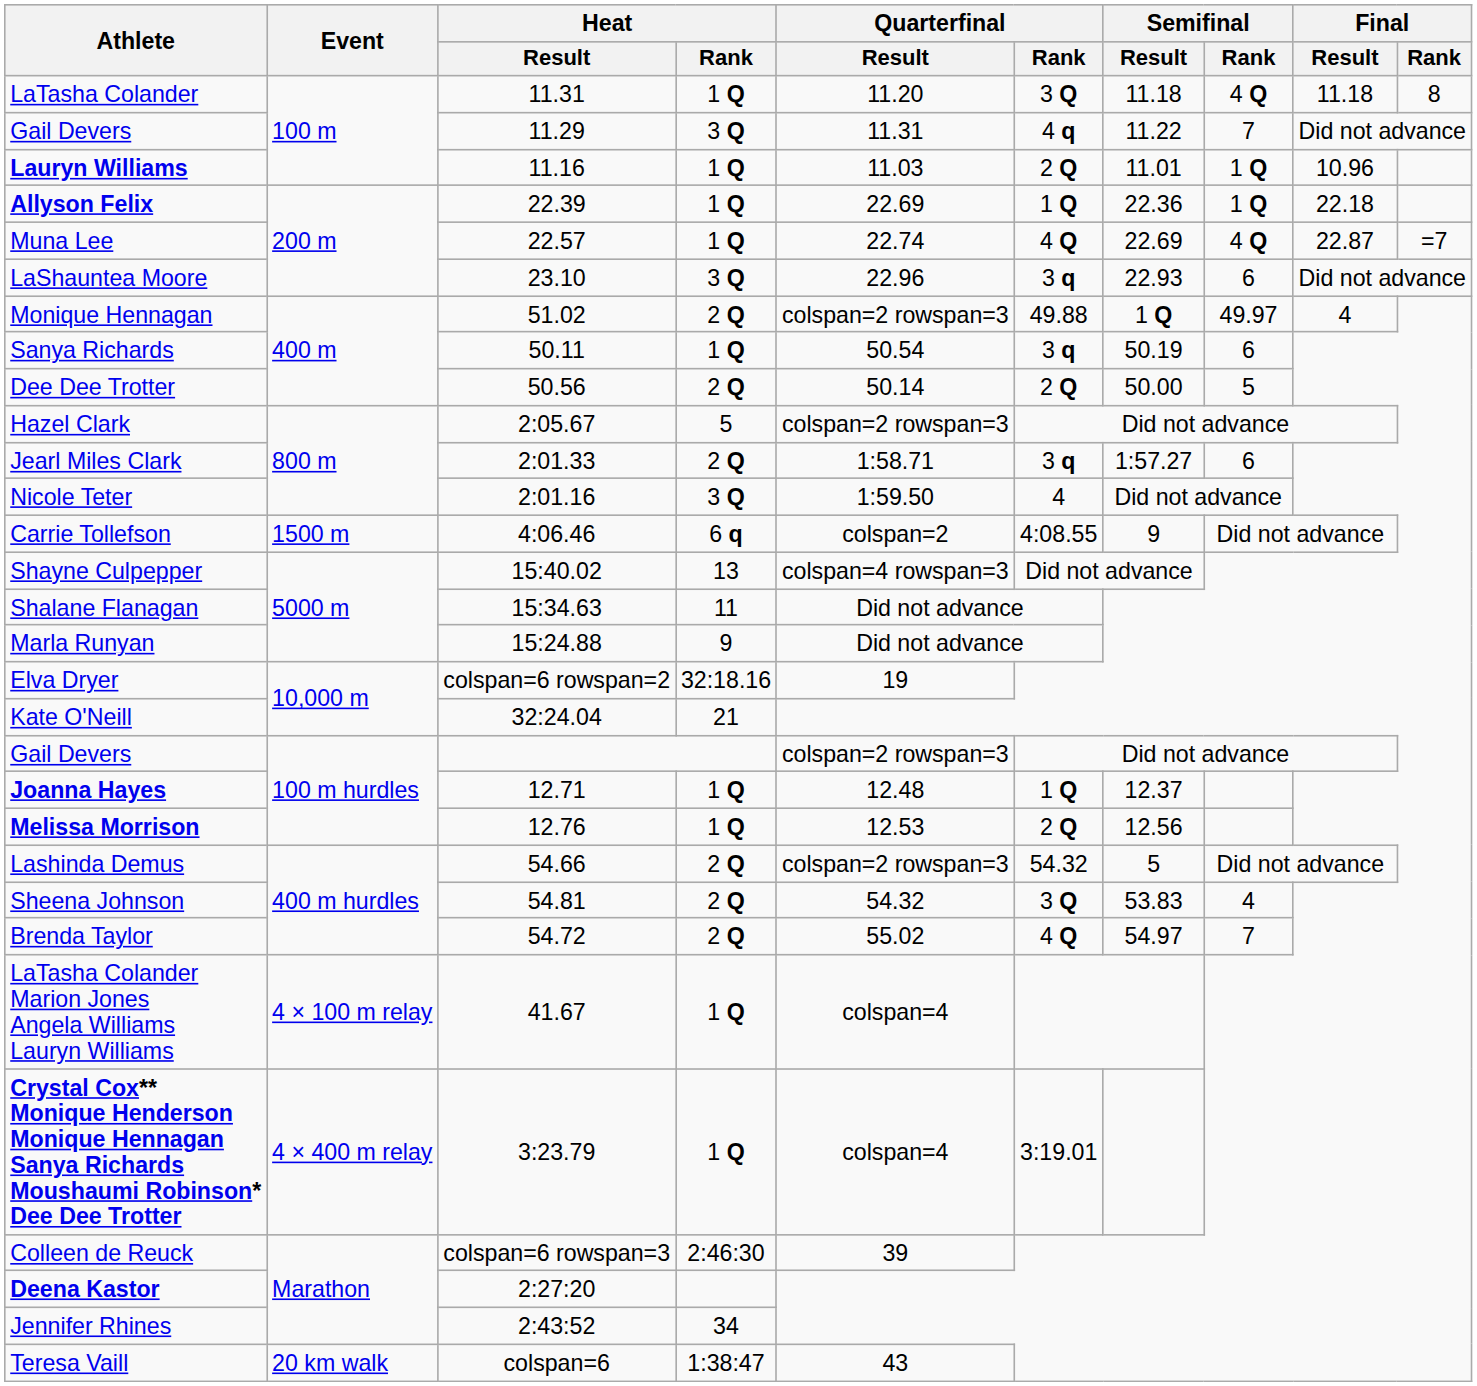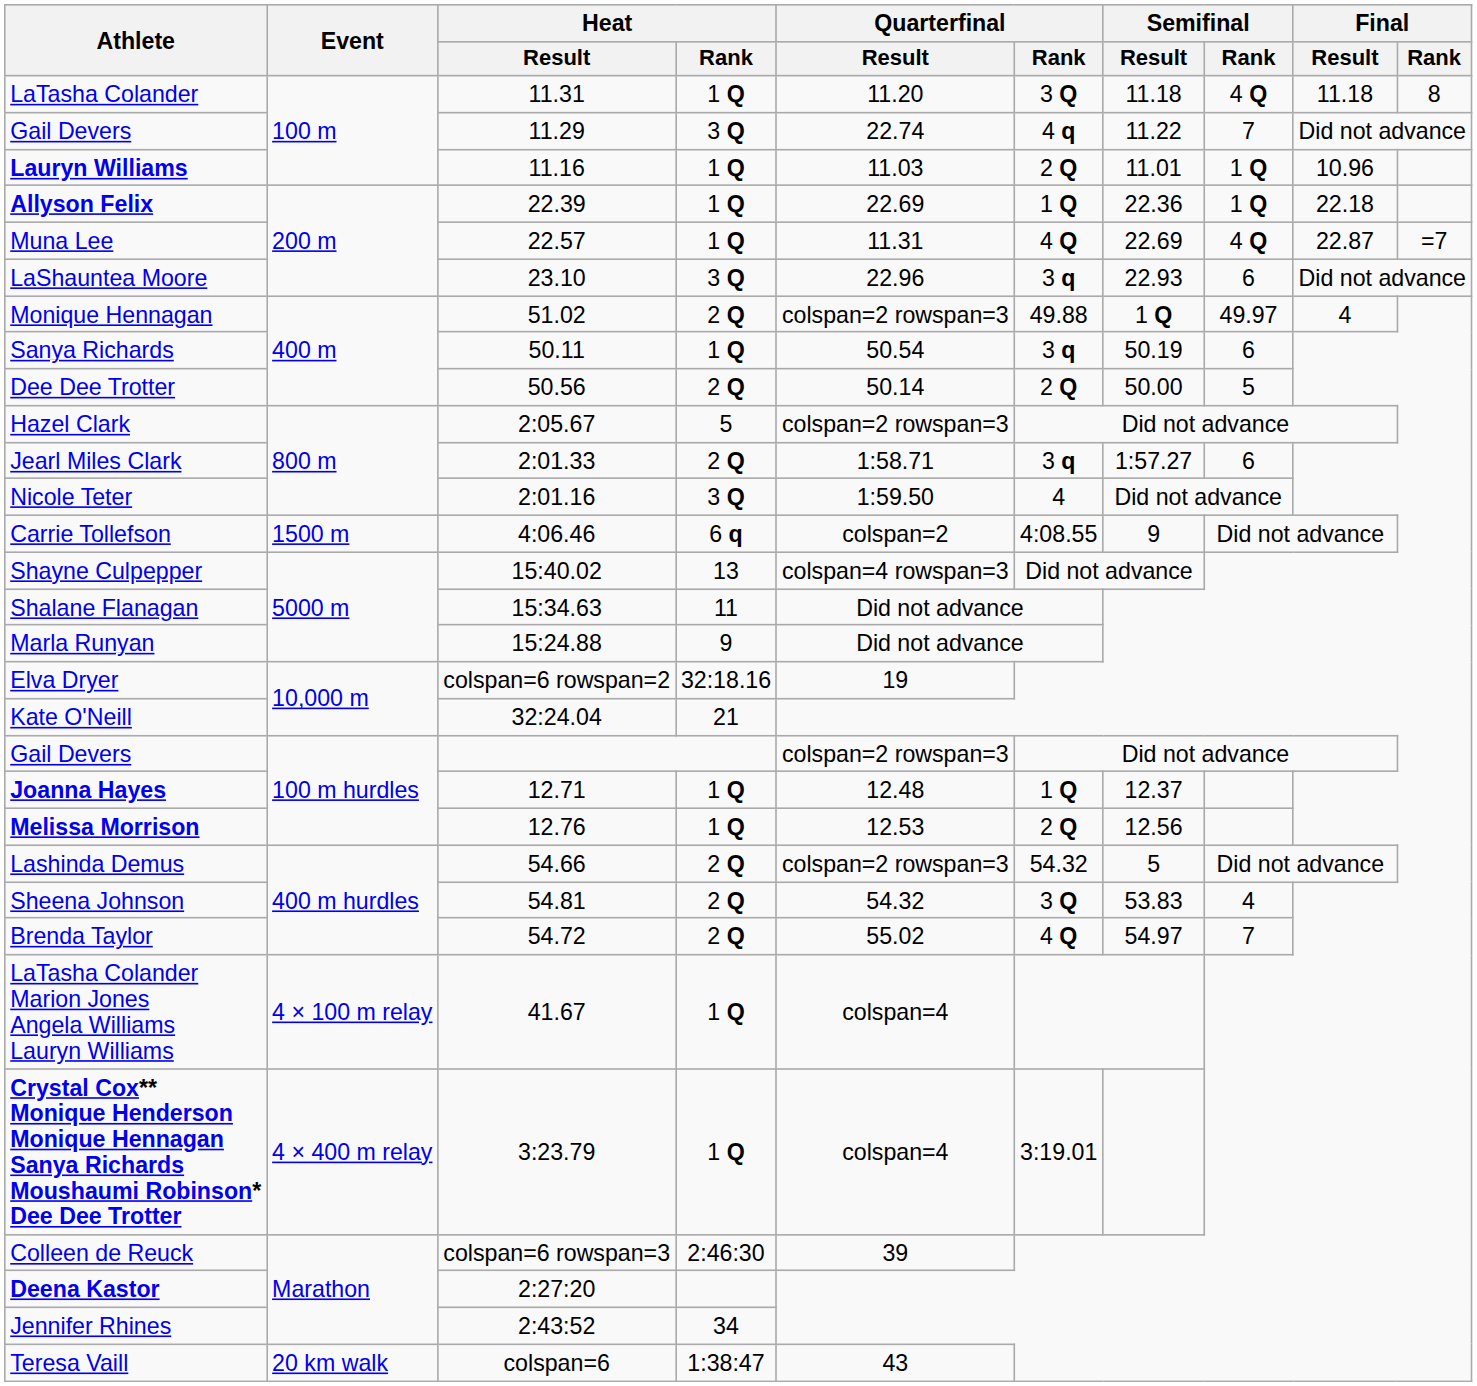 <table class=wikitable style=font-size:90%;text-align:center>
 <tr>
 <th rowspan=2>Athlete</th>
 <th rowspan=2>Event</th>
 <th colspan=2>Heat</th>
 <th colspan=2>Quarterfinal</th>
 <th colspan=2>Semifinal</th>
 <th colspan=2>Final</th>
 </tr>
 <tr style=font-size:95%>
 <th>Result</th>
 <th>Rank</th>
 <th>Result</th>
 <th>Rank</th>
 <th>Result</th>
 <th>Rank</th>
 <th>Result</th>
 <th>Rank</th>
 </tr>
 <tr>
 <td align=left><a href='#'>LaTasha Colander</a></td>
 <td align=left rowspan=3><a href='#'>100 m</a></td>
 <td>11.31</td>
 <td>1 <strong>Q</strong></td>
 <td>11.20</td>
 <td>3 <strong>Q</strong></td>
 <td>11.18</td>
 <td>4 <strong>Q</strong></td>
 <td>11.18</td>
 <td>8</td>
 </tr>
 <tr>
 <td align=left><a href='#'>Gail Devers</a></td>
 <td>11.29</td>
 <td>3 <strong>Q</strong></td>
-<td>11.31</td>
+<td>22.74</td>
 <td>4 <strong>q</strong></td>
 <td>11.22</td>
 <td>7</td>
 <td colspan=2>Did not advance</td>
 </tr>
 <tr>
 <td align=left><strong><a href='#'>Lauryn Williams</a></strong></td>
 <td>11.16</td>
 <td>1 <strong>Q</strong></td>
 <td>11.03</td>
 <td>2 <strong>Q</strong></td>
 <td>11.01</td>
 <td>1 <strong>Q</strong></td>
 <td>10.96</td>
 <td></td>
 </tr>
 <tr>
 <td align=left><strong><a href='#'>Allyson Felix</a></strong></td>
 <td align=left rowspan=3><a href='#'>200 m</a></td>
 <td>22.39</td>
 <td>1 <strong>Q</strong></td>
 <td>22.69</td>
 <td>1 <strong>Q</strong></td>
 <td>22.36</td>
 <td>1 <strong>Q</strong></td>
 <td>22.18</td>
 <td></td>
 </tr>
 <tr>
 <td align=left><a href='#'>Muna Lee</a></td>
 <td>22.57</td>
 <td>1 <strong>Q</strong></td>
-<td>22.74</td>
+<td>11.31</td>
 <td>4 <strong>Q</strong></td>
 <td>22.69</td>
 <td>4 <strong>Q</strong></td>
 <td>22.87</td>
 <td>=7</td>
 </tr>
 <tr>
 <td align=left><a href='#'>LaShauntea Moore</a></td>
 <td>23.10</td>
 <td>3 <strong>Q</strong></td>
 <td>22.96</td>
 <td>3 <strong>q</strong></td>
 <td>22.93</td>
 <td>6</td>
 <td colspan=2>Did not advance</td>
 </tr>
 <tr>
 <td align=left><a href='#'>Monique Hennagan</a></td>
 <td align=left rowspan=3><a href='#'>400 m</a></td>
 <td>51.02</td>
 <td>2 <strong>Q</strong></td>
 <td>colspan=2 rowspan=3</td>
 <td>49.88</td>
 <td>1 <strong>Q</strong></td>
 <td>49.97</td>
 <td>4</td>
 </tr>
 <tr>
 <td align=left><a href='#'>Sanya Richards</a></td>
 <td>50.11</td>
 <td>1 <strong>Q</strong></td>
 <td>50.54</td>
 <td>3 <strong>q</strong></td>
 <td>50.19</td>
 <td>6</td>
 </tr>
 <tr>
 <td align=left><a href='#'>Dee Dee Trotter</a></td>
 <td>50.56</td>
 <td>2 <strong>Q</strong></td>
 <td>50.14</td>
 <td>2 <strong>Q</strong></td>
 <td>50.00</td>
 <td>5</td>
 </tr>
 <tr>
 <td align=left><a href='#'>Hazel Clark</a></td>
 <td align=left rowspan=3><a href='#'>800 m</a></td>
 <td>2:05.67</td>
 <td>5</td>
 <td>colspan=2 rowspan=3</td>
 <td colspan=4>Did not advance</td>
 </tr>
 <tr>
 <td align=left><a href='#'>Jearl Miles Clark</a></td>
 <td>2:01.33</td>
 <td>2 <strong>Q</strong></td>
 <td>1:58.71</td>
 <td>3 <strong>q</strong></td>
 <td>1:57.27</td>
 <td>6</td>
 </tr>
 <tr>
 <td align=left><a href='#'>Nicole Teter</a></td>
 <td>2:01.16</td>
 <td>3 <strong>Q</strong></td>
 <td>1:59.50</td>
 <td>4</td>
 <td colspan=2>Did not advance</td>
 </tr>
 <tr>
 <td align=left><a href='#'>Carrie Tollefson</a></td>
 <td align=left><a href='#'>1500 m</a></td>
 <td>4:06.46</td>
 <td>6 <strong>q</strong></td>
 <td>colspan=2 </td>
 <td>4:08.55</td>
 <td>9</td>
 <td colspan=2>Did not advance</td>
 </tr>
 <tr>
 <td align=left><a href='#'>Shayne Culpepper</a></td>
 <td align=left rowspan=3><a href='#'>5000 m</a></td>
 <td>15:40.02</td>
 <td>13</td>
 <td>colspan=4 rowspan=3</td>
 <td colspan=2>Did not advance</td>
 </tr>
 <tr>
 <td align=left><a href='#'>Shalane Flanagan</a></td>
 <td>15:34.63</td>
 <td>11</td>
 <td colspan=2>Did not advance</td>
 </tr>
 <tr>
 <td align=left><a href='#'>Marla Runyan</a></td>
 <td>15:24.88</td>
 <td>9</td>
 <td colspan=2>Did not advance</td>
 </tr>
 <tr>
 <td align=left><a href='#'>Elva Dryer</a></td>
 <td align=left rowspan=2><a href='#'>10,000 m</a></td>
 <td>colspan=6 rowspan=2</td>
 <td>32:18.16</td>
 <td>19</td>
 </tr>
 <tr>
 <td align=left><a href='#'>Kate O'Neill</a></td>
 <td>32:24.04</td>
 <td>21</td>
 </tr>
 <tr>
 <td align=left><a href='#'>Gail Devers</a></td>
 <td align=left rowspan=3><a href='#'>100 m hurdles</a></td>
 <td colspan=2></td>
 <td>colspan=2 rowspan=3</td>
 <td colspan=4>Did not advance</td>
 </tr>
 <tr>
 <td align=left><strong><a href='#'>Joanna Hayes</a></strong></td>
 <td>12.71</td>
 <td>1 <strong>Q</strong></td>
 <td>12.48</td>
 <td>1 <strong>Q</strong></td>
 <td>12.37 </td>
 <td></td>
 </tr>
 <tr>
 <td align=left><strong><a href='#'>Melissa Morrison</a></strong></td>
 <td>12.76</td>
 <td>1 <strong>Q</strong></td>
 <td>12.53</td>
 <td>2 <strong>Q</strong></td>
 <td>12.56</td>
 <td></td>
 </tr>
 <tr>
 <td align=left><a href='#'>Lashinda Demus</a></td>
 <td align=left rowspan=3><a href='#'>400 m hurdles</a></td>
 <td>54.66</td>
 <td>2 <strong>Q</strong></td>
 <td>colspan=2 rowspan=3</td>
 <td>54.32</td>
 <td>5</td>
 <td colspan=2>Did not advance</td>
 </tr>
 <tr>
 <td align=left><a href='#'>Sheena Johnson</a></td>
 <td>54.81</td>
 <td>2 <strong>Q</strong></td>
 <td>54.32</td>
 <td>3 <strong>Q</strong></td>
 <td>53.83</td>
 <td>4</td>
 </tr>
 <tr>
 <td align=left><a href='#'>Brenda Taylor</a></td>
 <td>54.72</td>
 <td>2 <strong>Q</strong></td>
 <td>55.02</td>
 <td>4 <strong>Q</strong></td>
 <td>54.97</td>
 <td>7</td>
 </tr>
 <tr>
 <td align=left><a href='#'>LaTasha Colander</a><br><a href='#'>Marion Jones</a><br><a href='#'>Angela Williams</a><br><a href='#'>Lauryn Williams</a></td>
 <td align=left><a href='#'>4 × 100 m relay</a></td>
 <td>41.67</td>
 <td>1 <strong>Q</strong></td>
 <td>colspan=4 </td>
 <td colspan=2></td>
 </tr>
 <tr>
 <td align=left><strong><a href='#'>Crystal Cox</a>**<br><a href='#'>Monique Henderson</a><br><a href='#'>Monique Hennagan</a><br><a href='#'>Sanya Richards</a><br><a href='#'>Moushaumi Robinson</a>*<br><a href='#'>Dee Dee Trotter</a></strong></td>
 <td align=left><a href='#'>4 × 400 m relay</a></td>
 <td>3:23.79</td>
 <td>1 <strong>Q</strong></td>
 <td>colspan=4 </td>
 <td>3:19.01</td>
 <td></td>
 </tr>
 <tr>
 <td align=left><a href='#'>Colleen de Reuck</a></td>
 <td align=left rowspan=3><a href='#'>Marathon</a></td>
 <td>colspan=6 rowspan=3</td>
 <td>2:46:30</td>
 <td>39</td>
 </tr>
 <tr>
 <td align=left><strong><a href='#'>Deena Kastor</a></strong></td>
 <td>2:27:20</td>
 <td></td>
 </tr>
 <tr>
 <td align=left><a href='#'>Jennifer Rhines</a></td>
 <td>2:43:52</td>
 <td>34</td>
 </tr>
 <tr>
 <td align=left><a href='#'>Teresa Vaill</a></td>
 <td align=left><a href='#'>20 km walk</a></td>
 <td>colspan=6 </td>
 <td>1:38:47</td>
 <td>43</td>
 </tr>
 </table>
